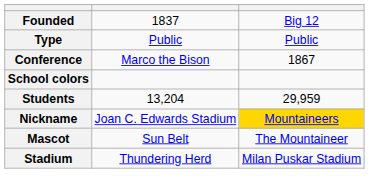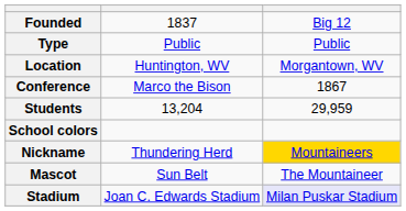 <table class="wikitable" style="float:right; clear:right; margin-left:1em; font-size:88%;">
 <tr>
 <th></th>
 <th><a href='#'></a></th>
 <th><a href='#'></a></th>
 </tr>
 <tr>
 <th scope=row>Founded</th>
 <td align=center>1837</td>
 <td align=center><a href='#'>Big 12</a></td>
 </tr>
 <tr>
 <th scope=row>Type</th>
 <td align=center><a href='#'>Public</a></td>
 <td align=center><a href='#'>Public</a></td>
 </tr>
 <tr>
+<th scope=row>Location</th>
+<td align=center><a href='#'>Huntington, WV</a></td>
+<td align=center><a href='#'>Morgantown, WV</a></td>
+</tr>
+<tr>
 <th scope=row>Conference</th>
 <td align=center><a href='#'>Marco the Bison</a></td>
 <td align=center>1867</td>
+</tr>
+<tr>
+<th scope=row>Students</th>
+<td align=center>13,204</td>
+<td align=center>29,959</td>
 </tr>
 <tr>
 <th scope=row>School colors</th>
 <td align=center> </td>
 <td align=center> </td>
 </tr>
 <tr>
-<th scope=row>Students</th>
-<td align=center>13,204</td>
-<td align=center>29,959</td>
-</tr>
-<tr>
 <th scope=row>Nickname</th>
-<td align=center><a href='#'>Joan C. Edwards Stadium</a></td>
+<td align=center><a href='#'>Thundering Herd</a></td>
 <td align=center style="background: gold;"><a href='#'>Mountaineers</a></td>
 </tr>
 <tr>
 <th scope=row>Mascot</th>
 <td align=center><a href='#'>Sun Belt</a></td>
 <td align=center><a href='#'>The Mountaineer</a></td>
 </tr>
 <tr>
 <th scope=row>Stadium</th>
-<td align=center><a href='#'>Thundering Herd</a></td>
-<td align=center><a href='#'>Milan Puskar Stadium</a></td>
+<td align=center><a href='#'>Joan C. Edwards Stadium</a></td>
+<td align=center style="background: lavender;"><a href='#'>Milan Puskar Stadium</a></td>
 </tr>
 </table>
